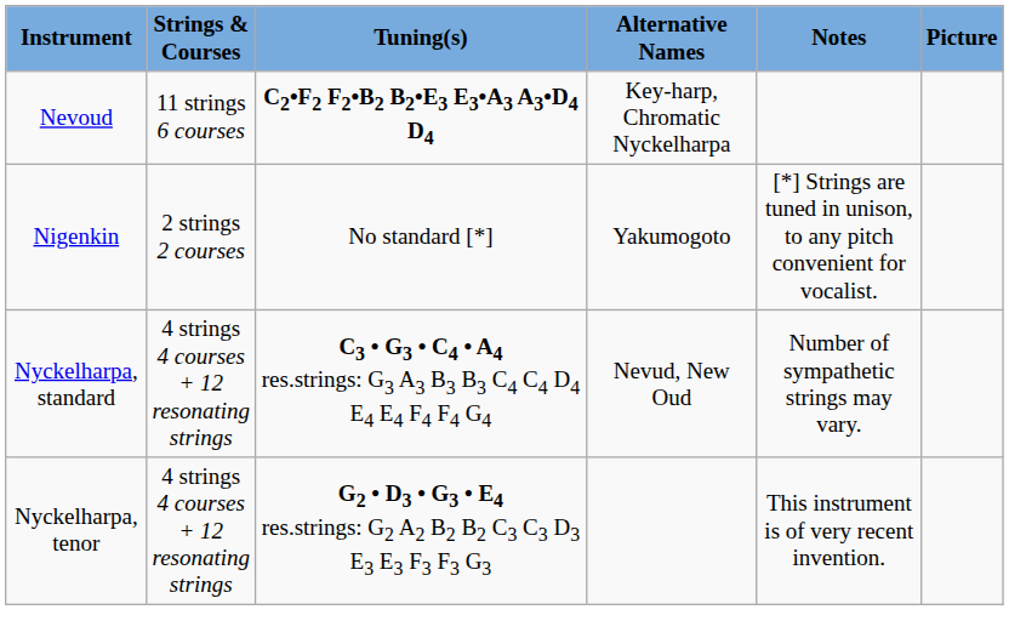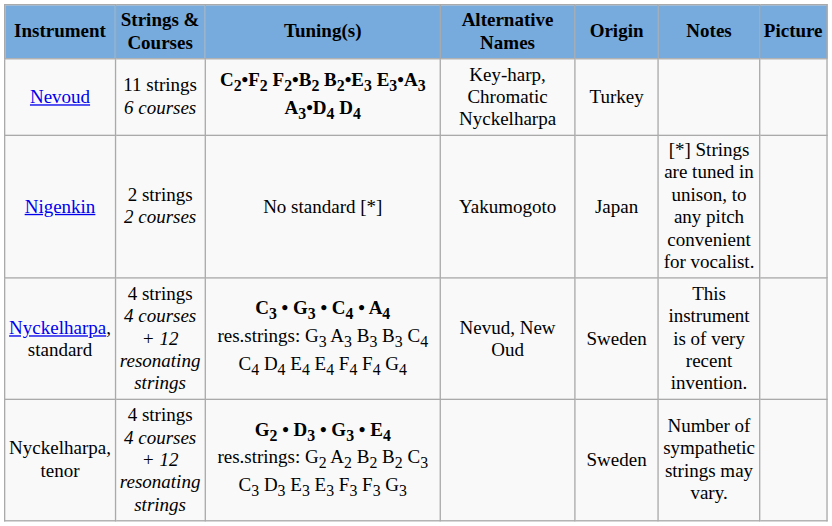 <table class="wikitable" style="margin:0.5em auto; clear:both; font-size:.9em; text-align:center; width:100%">
 <tr>
 <th style="background: #7ad;">Instrument</th>
 <th style="background: #7ad;" scope="col" width="58">Strings & Courses</th>
 <th style="background: #7ad;" scope="col" width="200">Tuning(s)</th>
 <th style="background: #7ad;" scope="col" width="100">Alternative Names</th>
+<th style="background: #7ad;" scope="col" width="60">Origin</th>
 <th style="background: #7ad;" scope="col" width'"140">Notes</th>
 <th style="background: #7ad;">Picture</th>
 </tr>
 <tr>
 <td><a href='#'>Nevoud</a></td>
 <td>11 strings<br><em>6 courses</em></td>
 <td><strong>C<sub>2</sub>•F<sub>2</sub> F<sub>2</sub>•B<sub>2</sub> B<sub>2</sub>•E<sub>3</sub> E<sub>3</sub>•A<sub>3</sub> A<sub>3</sub>•D<sub>4</sub> D<sub>4</sub></strong></td>
 <td>Key-harp,<br>Chromatic Nyckelharpa</td>
+<td>Turkey</td>
 <td></td>
 <td></td>
 </tr>
 <tr>
 <td><a href='#'>Nigenkin</a></td>
 <td>2 strings<br><em>2 courses</em></td>
 <td>No standard [*]</td>
 <td>Yakumogoto</td>
+<td>Japan</td>
 <td>[*] Strings are tuned in unison, to any pitch convenient for vocalist.</td>
 <td></td>
 </tr>
 <tr>
 <td><a href='#'>Nyckelharpa</a>, standard</td>
 <td>4 strings<br><em>4 courses + 12 resonating strings</em></td>
 <td><strong>C<sub>3</sub> • G<sub>3</sub> • C<sub>4</sub> • A<sub>4</sub></strong><br>res.strings: G<sub>3</sub> A<sub>3</sub> B<sub>3</sub> B<sub>3</sub> C<sub>4</sub> C<sub>4</sub> D<sub>4</sub> E<sub>4</sub> E<sub>4</sub> F<sub>4</sub> F<sub>4</sub> G<sub>4</sub></td>
 <td>Nevud, New Oud</td>
-<td>Number of sympathetic strings may vary.</td>
+<td>Sweden</td>
+<td>This instrument is of very recent invention.</td>
 <td></td>
 </tr>
 <tr>
 <td>Nyckelharpa, tenor</td>
 <td>4 strings<br><em>4 courses + 12 resonating strings</em></td>
 <td><strong>G<sub>2</sub> • D<sub>3</sub> • G<sub>3</sub> • E<sub>4</sub></strong><br>res.strings: G<sub>2</sub> A<sub>2</sub> B<sub>2</sub> B<sub>2</sub> C<sub>3</sub> C<sub>3</sub> D<sub>3</sub> E<sub>3</sub> E<sub>3</sub> F<sub>3</sub> F<sub>3</sub> G<sub>3</sub></td>
 <td></td>
-<td>This instrument is of very recent invention.</td>
+<td>Sweden</td>
+<td>Number of sympathetic strings may vary.</td>
 <td></td>
 </tr>
 </table>
